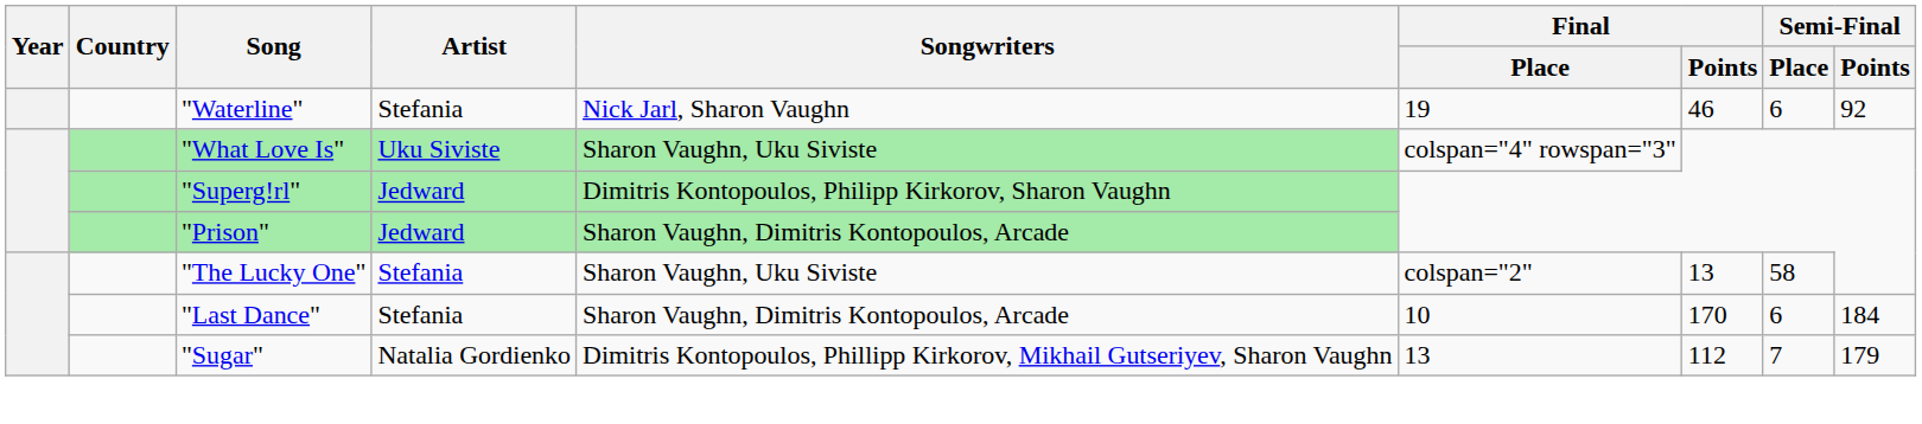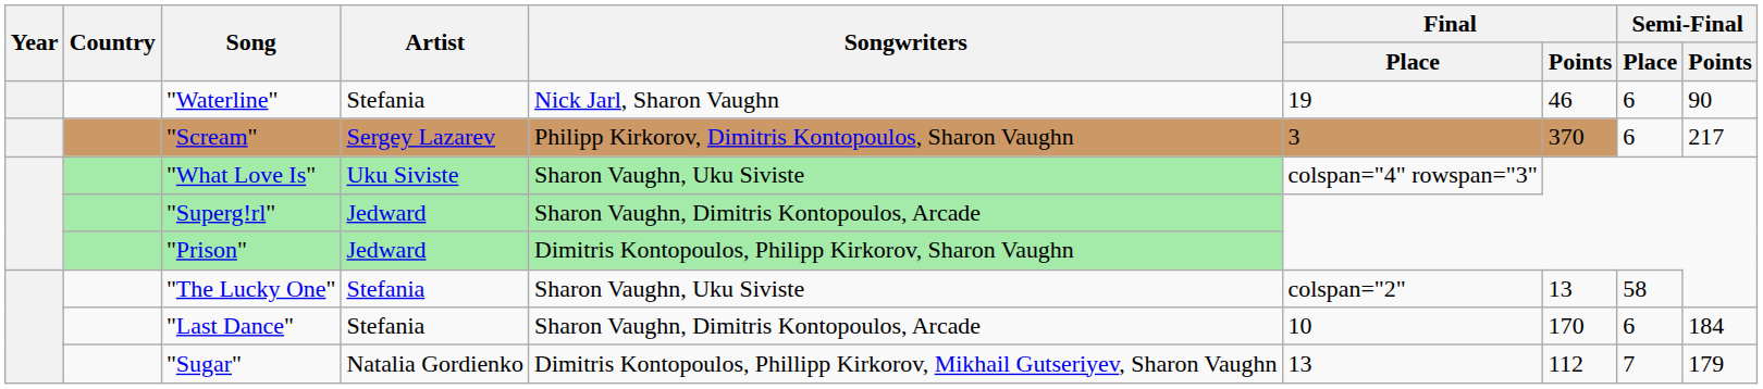 <table class="sortable wikitable">
 <tr>
 <th rowspan="2">Year</th>
 <th rowspan="2">Country</th>
 <th rowspan="2">Song</th>
 <th rowspan="2">Artist</th>
 <th rowspan="2">Songwriters</th>
 <th colspan="2">Final</th>
 <th colspan="2">Semi-Final</th>
 </tr>
 <tr>
 <th scope="col">Place</th>
 <th scope="col">Points</th>
 <th scope="col">Place</th>
 <th scope="col">Points</th>
 </tr>
 <tr>
 <th scope="row"></th>
 <td></td>
 <td>"<a href='#'>Waterline</a>"</td>
 <td>Stefania</td>
 <td><a href='#'>Nick Jarl</a>, Sharon Vaughn</td>
 <td>19</td>
 <td>46</td>
 <td>6</td>
-<td>92</td>
+<td>90</td>
+</tr>
+<tr>
+<th scope="row"></th>
+<td bgcolor="#c96"></td>
+<td bgcolor="#c96">"<a href='#'>Scream</a>"</td>
+<td bgcolor="#c96"><a href='#'>Sergey Lazarev</a></td>
+<td bgcolor="#c96">Philipp Kirkorov, <a href='#'>Dimitris Kontopoulos</a>, Sharon Vaughn</td>
+<td bgcolor="#c96">3</td>
+<td bgcolor="#c96">370</td>
+<td>6</td>
+<td>217</td>
 </tr>
 <tr>
 <th rowspan="3"></th>
 <td bgcolor="#A4EAA9"></td>
 <td bgcolor="#A4EAA9">"<a href='#'>What Love Is</a>"</td>
 <td bgcolor="#A4EAA9"><a href='#'>Uku Siviste</a></td>
 <td bgcolor="#A4EAA9">Sharon Vaughn, Uku Siviste</td>
 <td>colspan="4" rowspan="3" </td>
 </tr>
 <tr bgcolor="#A4EAA9">
 <td></td>
 <td>"<a href='#'>Superg!rl</a>"</td>
 <td><a href='#'>Jedward</a></td>
-<td>Dimitris Kontopoulos, Philipp Kirkorov, Sharon Vaughn</td>
+<td>Sharon Vaughn, Dimitris Kontopoulos, Arcade</td>
 </tr>
 <tr bgcolor="#A4EAA9">
 <td></td>
 <td>"<a href='#'>Prison</a>"</td>
 <td><a href='#'>Jedward</a></td>
-<td>Sharon Vaughn, Dimitris Kontopoulos, Arcade</td>
+<td>Dimitris Kontopoulos, Philipp Kirkorov, Sharon Vaughn</td>
 </tr>
 <tr>
 <th rowspan="3"></th>
 <td></td>
 <td>"<a href='#'>The Lucky One</a>"</td>
 <td><a href='#'>Stefania</a></td>
 <td>Sharon Vaughn, Uku Siviste</td>
 <td>colspan="2" </td>
 <td>13</td>
 <td>58</td>
 </tr>
 <tr>
 <td></td>
 <td>"<a href='#'>Last Dance</a>"</td>
 <td>Stefania</td>
 <td>Sharon Vaughn, Dimitris Kontopoulos, Arcade</td>
 <td>10</td>
 <td>170</td>
 <td>6</td>
 <td>184</td>
 </tr>
 <tr>
 <td></td>
 <td>"<a href='#'>Sugar</a>"</td>
 <td>Natalia Gordienko</td>
 <td>Dimitris Kontopoulos, Phillipp Kirkorov, <a href='#'>Mikhail Gutseriyev</a>, Sharon Vaughn</td>
 <td>13</td>
 <td>112</td>
 <td>7</td>
 <td>179</td>
 </tr>
 </table>
